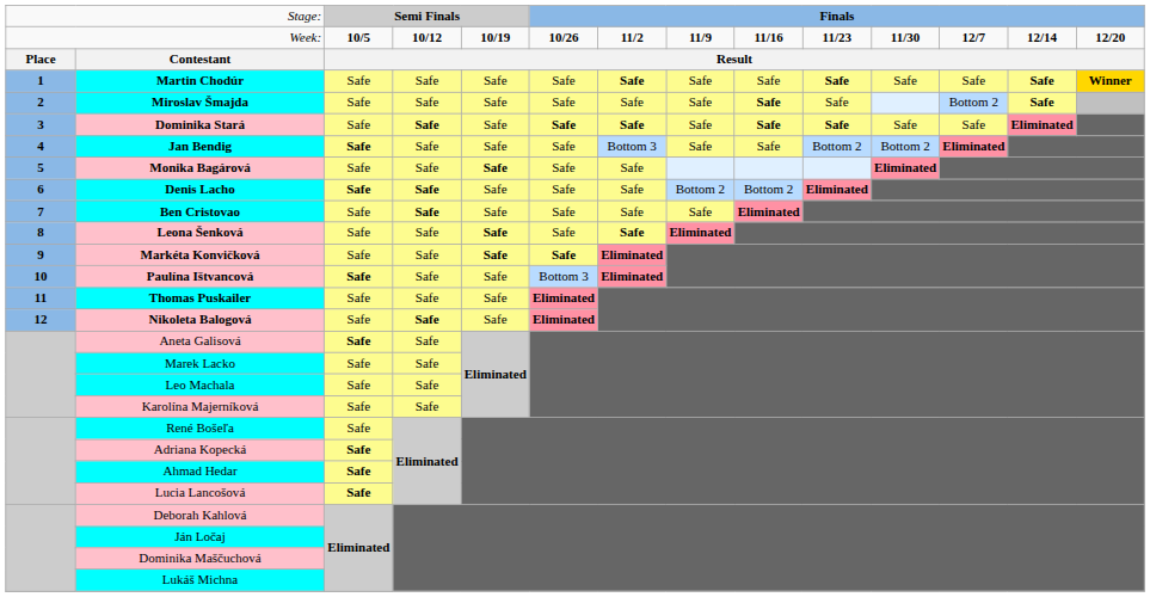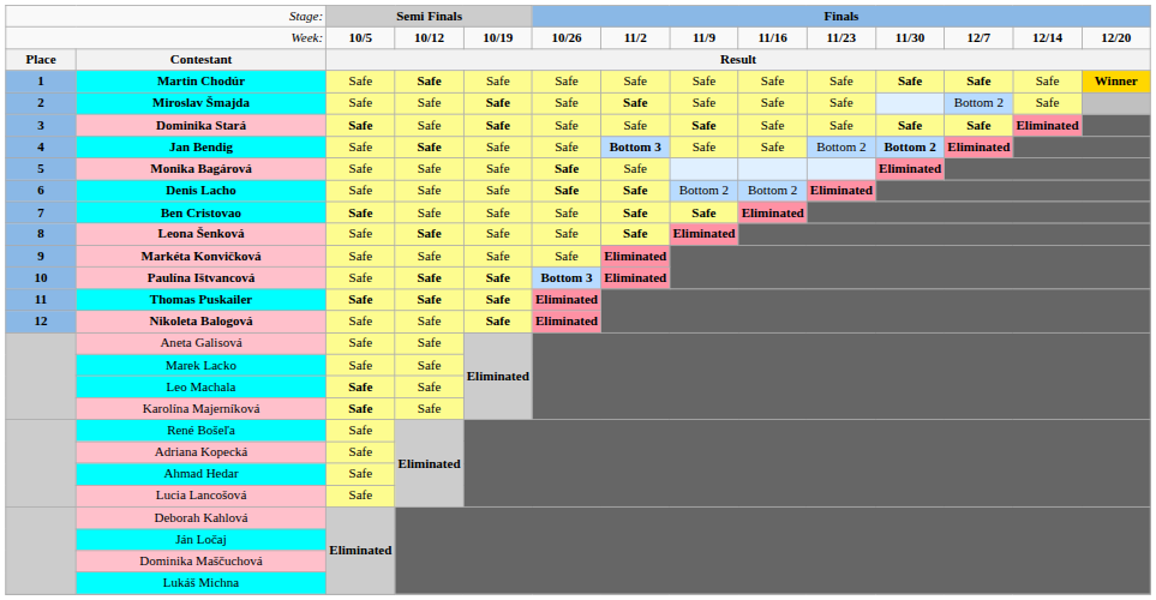 <table class="wikitable" style="margin:1em auto; text-align:center; font-size:85%">
 <tr>
 <td colspan="2" align="right"><em>Stage:</em></td>
 <td colspan="3" bgcolor="#CCCCCC"><strong>Semi Finals</strong></td>
 <td colspan="9" bgcolor="#8AB8E6"><strong>Finals</strong></td>
 </tr>
 <tr>
 <td colspan="2" align="right"><em>Week:</em></td>
 <td width=6%><strong>10/5</strong></td>
 <td width=6%><strong>10/12</strong></td>
 <td width=6%><strong>10/19 </strong></td>
 <td width=6%><strong>10/26</strong></td>
 <td width=6%><strong>11/2</strong></td>
 <td width=6%><strong>11/9</strong></td>
 <td width=6%><strong>11/16</strong></td>
 <td width=6%><strong>11/23</strong></td>
 <td width=6%><strong>11/30</strong></td>
 <td width=6%><strong>12/7</strong></td>
 <td width=6%><strong>12/14</strong></td>
 <td width=6%><strong>12/20 </strong></td>
 </tr>
 <tr>
 <th>Place</th>
 <th>Contestant</th>
 <th colspan="14" align="center">Result</th>
 </tr>
 <tr>
 <td align="center"  bgcolor="#8ab8e6" rowspan="1"><strong>1</strong></td>
 <td bgcolor="cyan"><strong>Martin Chodúr</strong></td>
 <td style="background:#FDFC8F;">Safe</td>
+<td style="background:#FDFC8F;"><strong>Safe</strong></td>
 <td style="background:#FDFC8F;">Safe</td>
 <td style="background:#FDFC8F;">Safe</td>
+<td style="background:#FDFC8F;">Safe</td>
+<td style="background:#FDFC8F;">Safe</td>
+<td style="background:#FDFC8F;">Safe</td>
+<td style="background:#FDFC8F;">Safe</td>
+<td style="background:#FDFC8F;"><strong>Safe</strong></td>
+<td style="background:#FDFC8F;"><strong>Safe</strong></td>
+<td style="background:#FDFC8F;">Safe</td>
+<td style="background:gold;"><strong>Winner</strong></td>
+</tr>
+<tr>
+<td align="center"  bgcolor="#8ab8e6" rowspan="1"><strong>2</strong></td>
+<td bgcolor="cyan"><strong>Miroslav Šmajda</strong></td>
+<td style="background:#FDFC8F;">Safe</td>
+<td style="background:#FDFC8F;">Safe</td>
+<td style="background:#FDFC8F;"><strong>Safe</strong></td>
+<td style="background:#FDFC8F;">Safe</td>
+<td style="background:#FDFC8F;"><strong>Safe</strong></td>
+<td style="background:#FDFC8F;">Safe</td>
+<td style="background:#FDFC8F;">Safe</td>
+<td style="background:#FDFC8F;">Safe</td>
+<td bgcolor="#E0F0FF"></td>
+<td style="background:#b8dbff;">Bottom 2</td>
+<td style="background:#FDFC8F;">Safe</td>
+<td style="background:silver;"></td>
+</tr>
+<tr>
+<td align="center"  bgcolor="#8ab8e6" rowspan="1"><strong>3</strong></td>
+<td bgcolor="pink"><strong>Dominika Stará</strong></td>
+<td style="background:#FDFC8F;"><strong>Safe</strong></td>
 <td style="background:#FDFC8F;">Safe</td>
 <td style="background:#FDFC8F;"><strong>Safe</strong></td>
 <td style="background:#FDFC8F;">Safe</td>
 <td style="background:#FDFC8F;">Safe</td>
 <td style="background:#FDFC8F;"><strong>Safe</strong></td>
 <td style="background:#FDFC8F;">Safe</td>
 <td style="background:#FDFC8F;">Safe</td>
 <td style="background:#FDFC8F;"><strong>Safe</strong></td>
-<td style="background:gold;"><strong>Winner</strong></td>
-</tr>
-<tr>
-<td align="center"  bgcolor="#8ab8e6" rowspan="1"><strong>2</strong></td>
-<td bgcolor="cyan"><strong>Miroslav Šmajda</strong></td>
-<td style="background:#FDFC8F;">Safe</td>
-<td style="background:#FDFC8F;">Safe</td>
-<td style="background:#FDFC8F;">Safe</td>
-<td style="background:#FDFC8F;">Safe</td>
-<td style="background:#FDFC8F;">Safe</td>
-<td style="background:#FDFC8F;">Safe</td>
 <td style="background:#FDFC8F;"><strong>Safe</strong></td>
-<td style="background:#FDFC8F;">Safe</td>
-<td bgcolor="#E0F0FF"></td>
-<td style="background:#b8dbff;">Bottom 2</td>
-<td style="background:#FDFC8F;"><strong>Safe</strong></td>
-<td style="background:silver;"></td>
-</tr>
-<tr>
-<td align="center"  bgcolor="#8ab8e6" rowspan="1"><strong>3</strong></td>
-<td bgcolor="pink"><strong>Dominika Stará</strong></td>
-<td style="background:#FDFC8F;">Safe</td>
-<td style="background:#FDFC8F;"><strong>Safe</strong></td>
-<td style="background:#FDFC8F;">Safe</td>
-<td style="background:#FDFC8F;"><strong>Safe</strong></td>
-<td style="background:#FDFC8F;"><strong>Safe</strong></td>
-<td style="background:#FDFC8F;">Safe</td>
-<td style="background:#FDFC8F;"><strong>Safe</strong></td>
-<td style="background:#FDFC8F;"><strong>Safe</strong></td>
-<td style="background:#FDFC8F;">Safe</td>
-<td style="background:#FDFC8F;">Safe</td>
 <td style="background:#FF91A4;"><strong>Eliminated</strong></td>
 <td colspan="1" bgcolor="666666"></td>
 </tr>
 <tr>
 <td align="center"  bgcolor="#8ab8e6" rowspan="1"><strong>4</strong></td>
 <td bgcolor="cyan"><strong>Jan Bendig</strong></td>
+<td style="background:#FDFC8F;">Safe</td>
 <td style="background:#FDFC8F;"><strong>Safe</strong></td>
 <td style="background:#FDFC8F;">Safe</td>
 <td style="background:#FDFC8F;">Safe</td>
-<td style="background:#FDFC8F;">Safe</td>
-<td style="background:#b8dbff;">Bottom 3</td>
+<td style="background:#b8dbff;"><strong>Bottom 3</strong></td>
 <td style="background:#FDFC8F;">Safe</td>
 <td style="background:#FDFC8F;">Safe</td>
 <td style="background:#B8DBFF">Bottom 2</td>
-<td style="background:#B8DBFF">Bottom 2</td>
+<td style="background:#B8DBFF"><strong>Bottom 2</strong></td>
 <td style="background:#FF91A4;"><strong>Eliminated</strong></td>
 <td colspan="2" bgcolor="666666"></td>
 </tr>
 <tr>
 <td align="center"  bgcolor="#8ab8e6" rowspan="1"><strong>5</strong></td>
 <td bgcolor="pink"><strong>Monika Bagárová</strong></td>
 <td style="background:#FDFC8F;">Safe</td>
 <td style="background:#FDFC8F;">Safe</td>
+<td style="background:#FDFC8F;">Safe</td>
 <td style="background:#FDFC8F;"><strong>Safe</strong></td>
-<td style="background:#FDFC8F;">Safe</td>
 <td style="background:#FDFC8F;">Safe</td>
 <td bgcolor="#E0F0FF"></td>
 <td bgcolor="#E0F0FF"></td>
 <td bgcolor="#E0F0FF"></td>
 <td style="background:#FF91A4;"><strong>Eliminated</strong></td>
 <td colspan="3" bgcolor="666666"></td>
 </tr>
 <tr>
 <td align="center"  bgcolor="#8ab8e6" rowspan="1"><strong>6</strong></td>
 <td bgcolor="cyan"><strong>Denis Lacho</strong></td>
-<td style="background:#FDFC8F;"><strong>Safe</strong></td>
-<td style="background:#FDFC8F;"><strong>Safe</strong></td>
 <td style="background:#FDFC8F;">Safe</td>
 <td style="background:#FDFC8F;">Safe</td>
 <td style="background:#FDFC8F;">Safe</td>
+<td style="background:#FDFC8F;"><strong>Safe</strong></td>
+<td style="background:#FDFC8F;"><strong>Safe</strong></td>
 <td style="background:#B8DBFF">Bottom 2</td>
 <td style="background:#B8DBFF">Bottom 2</td>
 <td style="background:#FF91A4;"><strong>Eliminated</strong></td>
 <td colspan="4" bgcolor="666666"></td>
 </tr>
 <tr>
 <td align="center"  bgcolor="#8ab8e6" rowspan="1"><strong>7</strong></td>
 <td bgcolor="cyan"><strong>Ben Cristovao</strong></td>
-<td style="background:#FDFC8F;">Safe</td>
 <td style="background:#FDFC8F;"><strong>Safe</strong></td>
 <td style="background:#FDFC8F;">Safe</td>
 <td style="background:#FDFC8F;">Safe</td>
 <td style="background:#FDFC8F;">Safe</td>
-<td style="background:#FDFC8F;">Safe</td>
+<td style="background:#FDFC8F;"><strong>Safe</strong></td>
+<td style="background:#FDFC8F;"><strong>Safe</strong></td>
 <td style="background:#FF91A4;"><strong>Eliminated</strong></td>
 <td colspan="5" bgcolor="666666"></td>
 </tr>
 <tr>
 <td align="center"  bgcolor="#8ab8e6" rowspan="1"><strong>8</strong></td>
 <td bgcolor="pink"><strong>Leona Šenková</strong></td>
 <td style="background:#FDFC8F;">Safe</td>
+<td style="background:#FDFC8F;"><strong>Safe</strong></td>
 <td style="background:#FDFC8F;">Safe</td>
-<td style="background:#FDFC8F;"><strong>Safe</strong></td>
 <td style="background:#FDFC8F;">Safe</td>
 <td style="background:#FDFC8F;"><strong>Safe</strong></td>
 <td style="background:#FF91A4;"><strong>Eliminated</strong></td>
 <td colspan="6" bgcolor="666666"></td>
 </tr>
 <tr>
 <td align="center"  bgcolor="#8ab8e6"><strong>9</strong></td>
 <td bgcolor="pink"><strong>Markéta Konvičková</strong></td>
 <td style="background:#FDFC8F;">Safe</td>
 <td style="background:#FDFC8F;">Safe</td>
-<td style="background:#FDFC8F;"><strong>Safe</strong></td>
-<td style="background:#FDFC8F;"><strong>Safe</strong></td>
+<td style="background:#FDFC8F;">Safe</td>
+<td style="background:#FDFC8F;">Safe</td>
 <td style="background:#FF91A4;"><strong>Eliminated</strong></td>
 <td rowspan=2 colspan="9" bgcolor="666666"></td>
 </tr>
 <tr>
 <td align="center"  bgcolor="#8ab8e6"><strong>10</strong></td>
 <td bgcolor="pink"><strong>Paulína Ištvancová</strong></td>
+<td style="background:#FDFC8F;">Safe</td>
 <td style="background:#FDFC8F;"><strong>Safe</strong></td>
-<td style="background:#FDFC8F;">Safe</td>
-<td style="background:#FDFC8F;">Safe</td>
-<td style="background:#b8dbff;">Bottom 3</td>
+<td style="background:#FDFC8F;"><strong>Safe</strong></td>
+<td style="background:#b8dbff;"><strong>Bottom 3</strong></td>
 <td style="background:#FF91A4;"><strong>Eliminated</strong></td>
 </tr>
 <tr>
 <td align="center"  bgcolor="#8ab8e6"><strong>11</strong></td>
 <td bgcolor="cyan"><strong>Thomas Puskailer</strong></td>
-<td style="background:#FDFC8F;">Safe</td>
-<td style="background:#FDFC8F;">Safe</td>
-<td style="background:#FDFC8F;">Safe</td>
+<td style="background:#FDFC8F;"><strong>Safe</strong></td>
+<td style="background:#FDFC8F;"><strong>Safe</strong></td>
+<td style="background:#FDFC8F;"><strong>Safe</strong></td>
 <td style="background:#FF91A4;"><strong>Eliminated</strong></td>
 <td rowspan=2 colspan="10" bgcolor="666666"></td>
 </tr>
 <tr>
 <td align="center"  bgcolor="#8ab8e6"><strong>12</strong></td>
 <td bgcolor="pink"><strong>Nikoleta Balogová</strong></td>
 <td style="background:#FDFC8F;">Safe</td>
+<td style="background:#FDFC8F;">Safe</td>
 <td style="background:#FDFC8F;"><strong>Safe</strong></td>
-<td style="background:#FDFC8F;">Safe</td>
 <td style="background:#FF91A4;"><strong>Eliminated</strong></td>
 </tr>
 <tr>
 <td bgcolor="#CCCCCC" rowspan=4></td>
 <td bgcolor="pink">Aneta Galisová</td>
-<td style="background:#FDFC8F;"><strong>Safe</strong></td>
+<td style="background:#FDFC8F;">Safe</td>
 <td style="background:#FDFC8F;">Safe</td>
 <td bgcolor="CCCCCC" rowspan="4" align="center"><strong>Eliminated</strong></td>
 <td rowspan=4 colspan="11" bgcolor="666666"></td>
 </tr>
 <tr>
 <td bgcolor="cyan">Marek Lacko</td>
 <td style="background:#FDFC8F;">Safe</td>
 <td style="background:#FDFC8F;">Safe</td>
 </tr>
 <tr>
 <td bgcolor="cyan">Leo Machala</td>
-<td style="background:#FDFC8F;">Safe</td>
+<td style="background:#FDFC8F;"><strong>Safe</strong></td>
 <td style="background:#FDFC8F;">Safe</td>
 </tr>
 <tr>
 <td bgcolor="pink">Karolína Majerníková</td>
-<td style="background:#FDFC8F;">Safe</td>
+<td style="background:#FDFC8F;"><strong>Safe</strong></td>
 <td style="background:#FDFC8F;">Safe</td>
 </tr>
 <tr>
 <td bgcolor="#CCCCCC" rowspan=4></td>
 <td bgcolor="cyan">René Bošeľa</td>
 <td style="background:#FDFC8F;">Safe</td>
 <td bgcolor="CCCCCC" rowspan="4" align="center"><strong>Eliminated</strong></td>
 <td rowspan=4 colspan="12" bgcolor="666666"></td>
 </tr>
 <tr>
 <td bgcolor="pink">Adriana Kopecká</td>
-<td style="background:#FDFC8F;"><strong>Safe</strong></td>
+<td style="background:#FDFC8F;">Safe</td>
 </tr>
 <tr>
 <td bgcolor="cyan">Ahmad Hedar</td>
-<td style="background:#FDFC8F;"><strong>Safe</strong></td>
+<td style="background:#FDFC8F;">Safe</td>
 </tr>
 <tr>
 <td bgcolor="pink">Lucia Lancošová</td>
-<td style="background:#FDFC8F;"><strong>Safe</strong></td>
+<td style="background:#FDFC8F;">Safe</td>
 </tr>
 <tr>
 <td bgcolor="#CCCCCC" rowspan=4></td>
 <td bgcolor="pink">Deborah Kahlová</td>
 <td bgcolor="CCCCCC" rowspan="4" align="center"><strong>Eliminated</strong></td>
 <td rowspan=4 colspan="13" bgcolor="666666"></td>
 </tr>
 <tr>
 <td bgcolor="cyan">Ján Ločaj</td>
 </tr>
 <tr>
 <td bgcolor="pink">Dominika Maščuchová</td>
 </tr>
 <tr>
 <td bgcolor="cyan">Lukáš Michna</td>
 </tr>
 <tr>
 </tr>
 </table>
